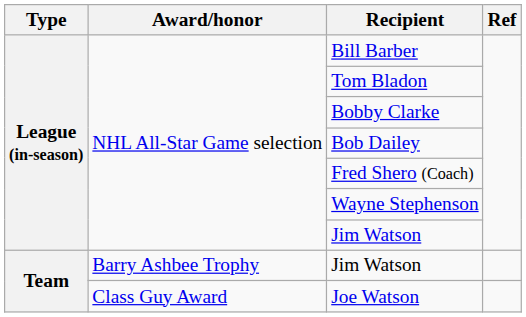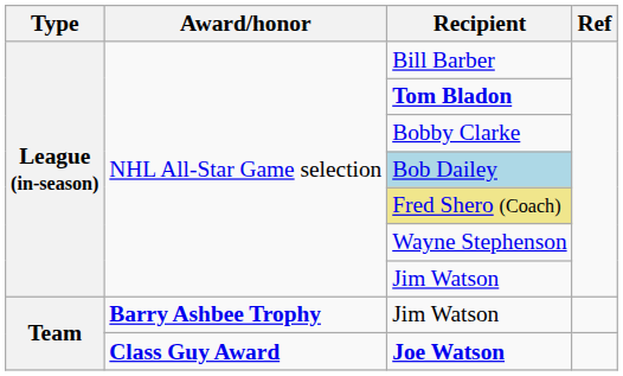 <table class="wikitable">
 <tr>
 <th scope="col">Type</th>
 <th scope="col">Award/honor</th>
 <th scope="col">Recipient</th>
 <th scope="col">Ref</th>
 </tr>
 <tr>
 <th scope="row" rowspan="7">League<br><small>(in-season)</small></th>
 <td rowspan="7"><a href='#'>NHL All-Star Game</a> selection</td>
 <td><a href='#'>Bill Barber</a></td>
 <td rowspan="7"></td>
 </tr>
 <tr>
-<td><a href='#'>Tom Bladon</a></td>
+<td><strong><a href='#'>Tom Bladon</a></strong></td>
 </tr>
 <tr>
 <td><a href='#'>Bobby Clarke</a></td>
 </tr>
 <tr>
-<td><a href='#'>Bob Dailey</a></td>
+<td style="background: lightblue;"><a href='#'>Bob Dailey</a></td>
 </tr>
 <tr>
-<td><a href='#'>Fred Shero</a> <small>(Coach)</small></td>
+<td style="background: khaki;"><a href='#'>Fred Shero</a> <small>(Coach)</small></td>
 </tr>
 <tr>
 <td><a href='#'>Wayne Stephenson</a></td>
 </tr>
 <tr>
 <td><a href='#'>Jim Watson</a></td>
 </tr>
 <tr>
 <th scope="row" rowspan="2">Team</th>
-<td><a href='#'>Barry Ashbee Trophy</a></td>
+<td><strong><a href='#'>Barry Ashbee Trophy</a></strong></td>
 <td>Jim Watson</td>
 <td></td>
 </tr>
 <tr>
-<td><a href='#'>Class Guy Award</a></td>
-<td><a href='#'>Joe Watson</a></td>
+<td><strong><a href='#'>Class Guy Award</a></strong></td>
+<td><strong><a href='#'>Joe Watson</a></strong></td>
 <td></td>
 </tr>
 </table>
